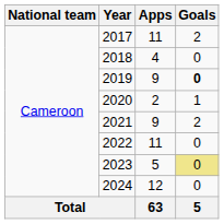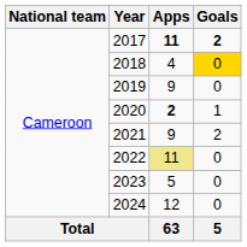 <table class="wikitable" style="text-align:center">
 <tr>
 <th>National team</th>
 <th>Year</th>
 <th>Apps</th>
 <th>Goals</th>
 </tr>
 <tr>
 <td rowspan="8"><a href='#'>Cameroon</a></td>
 <td>2017</td>
-<td>11</td>
-<td>2</td>
+<td><strong>11</strong></td>
+<td><strong>2</strong></td>
 </tr>
 <tr>
 <td>2018</td>
 <td>4</td>
-<td>0</td>
+<td style="background: gold;">0</td>
 </tr>
 <tr>
 <td>2019</td>
 <td>9</td>
-<td><strong>0</strong></td>
+<td>0</td>
 </tr>
 <tr>
 <td>2020</td>
-<td>2</td>
+<td><strong>2</strong></td>
 <td>1</td>
 </tr>
 <tr>
 <td>2021</td>
 <td>9</td>
 <td>2</td>
 </tr>
 <tr>
 <td>2022</td>
-<td>11</td>
+<td style="background: khaki;">11</td>
 <td>0</td>
 </tr>
 <tr>
 <td>2023</td>
 <td>5</td>
-<td style="background: khaki;">0</td>
+<td>0</td>
 </tr>
 <tr>
 <td>2024</td>
 <td>12</td>
 <td>0</td>
 </tr>
 <tr>
 <th colspan="2">Total</th>
 <th>63</th>
 <th>5</th>
 </tr>
 </table>
